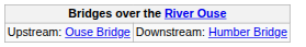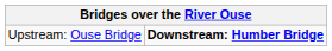 <table class="wikitable">
 <tr>
 <th colspan=2>Bridges over the <a href='#'>River Ouse</a></th>
 </tr>
 <tr>
 <td>Upstream: <a href='#'>Ouse Bridge</a></td>
-<td>Downstream: <a href='#'>Humber Bridge</a></td>
+<td><strong>Downstream: <a href='#'>Humber Bridge</a></strong></td>
 </tr>
 </table>
